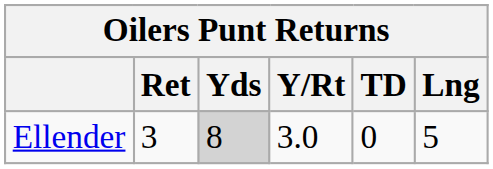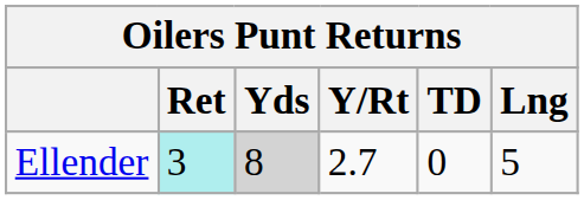 <table class="wikitable">
 <tr>
 <th colspan="6">Oilers Punt Returns</th>
 </tr>
 <tr>
 <th></th>
 <th>Ret</th>
 <th>Yds</th>
 <th>Y/Rt</th>
 <th>TD</th>
 <th>Lng</th>
 </tr>
 <tr>
 <td><a href='#'>Ellender</a></td>
-<td>3</td>
+<td style="background: paleturquoise;">3</td>
 <td style="background: lightgrey;">8</td>
-<td>3.0</td>
+<td>2.7</td>
 <td>0</td>
 <td>5</td>
 </tr>
 </table>
